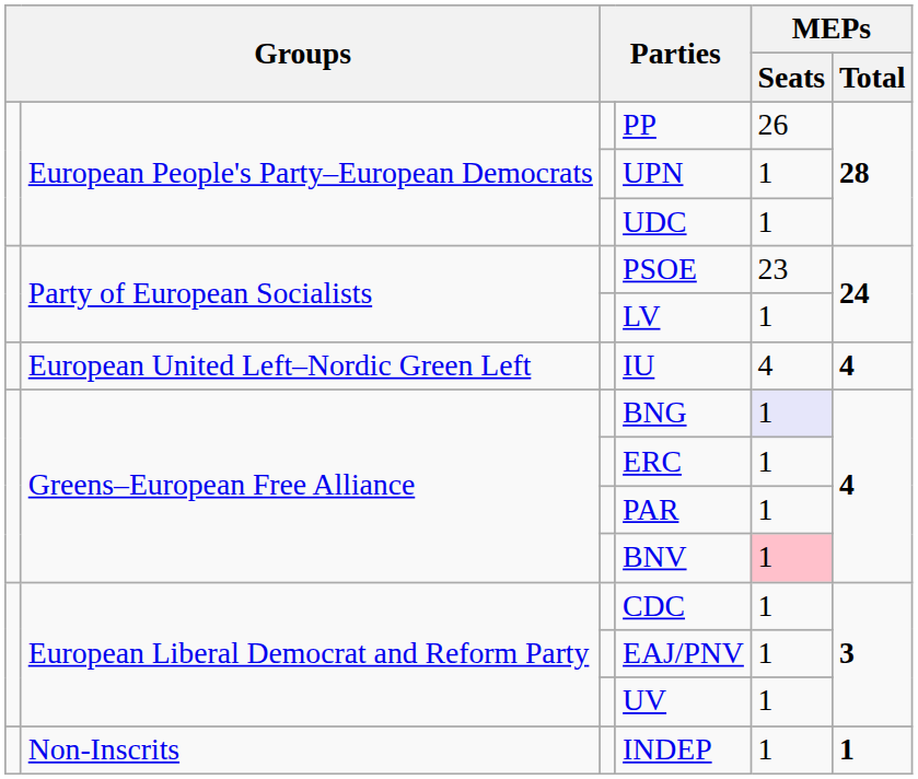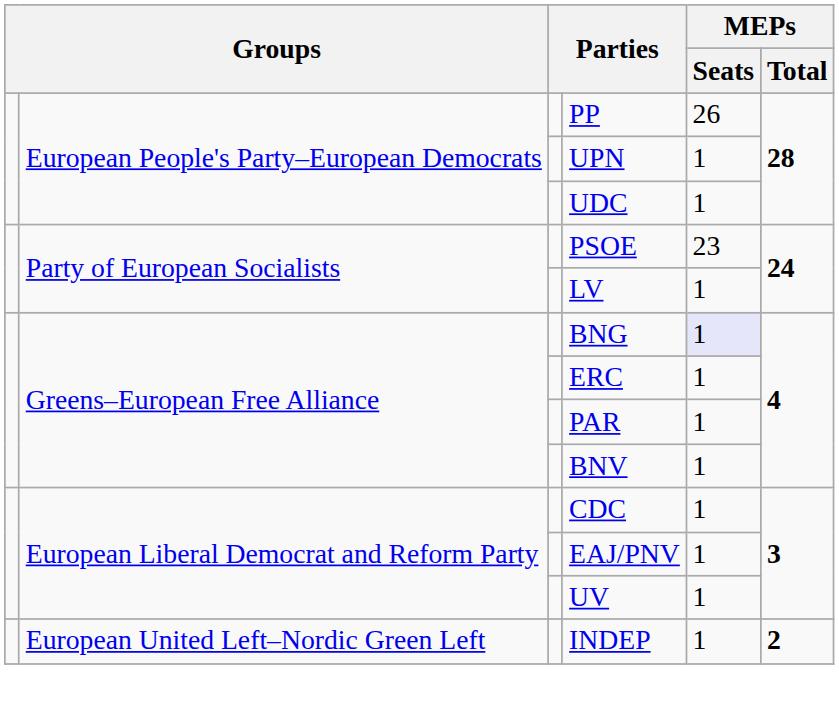 <table class="wikitable" style="text-align:left;">
 <tr>
 <th rowspan="2" colspan="2">Groups</th>
 <th rowspan="2" colspan="2">Parties</th>
 <th colspan="2">MEPs</th>
 </tr>
 <tr>
 <th>Seats</th>
 <th>Total</th>
 </tr>
 <tr>
 <td width="1" rowspan="3"></td>
 <td rowspan="3"><a href='#'>European People's Party–European Democrats</a></td>
 <td width="1" style="color:inherit;background:"></td>
 <td><a href='#'>PP</a></td>
 <td>26</td>
 <td rowspan="3"><strong>28</strong></td>
 </tr>
 <tr>
 <td style="color:inherit;background:"></td>
 <td><a href='#'>UPN</a></td>
 <td>1</td>
 </tr>
 <tr>
 <td style="color:inherit;background:"></td>
 <td><a href='#'>UDC</a></td>
 <td>1</td>
 </tr>
 <tr>
 <td rowspan="2" style="color:inherit;background:"></td>
 <td rowspan="2"><a href='#'>Party of European Socialists</a></td>
 <td style="color:inherit;background:"></td>
 <td><a href='#'>PSOE</a></td>
 <td>23</td>
 <td rowspan="2"><strong>24</strong></td>
 </tr>
 <tr>
 <td style="color:inherit;background:"></td>
 <td><a href='#'>LV</a></td>
 <td>1</td>
 </tr>
 <tr>
-<td style="color:inherit;background:"></td>
-<td><a href='#'>European United Left–Nordic Green Left</a></td>
-<td style="color:inherit;background:"></td>
-<td><a href='#'>IU</a></td>
-<td>4</td>
-<td><strong>4</strong></td>
-</tr>
-<tr>
 <td rowspan="4" style="color:inherit;background:"></td>
 <td rowspan="4"><a href='#'>Greens–European Free Alliance</a></td>
 <td style="color:inherit;background:"></td>
 <td><a href='#'>BNG</a></td>
 <td style="background: lavender;">1</td>
 <td rowspan="4"><strong>4</strong></td>
 </tr>
 <tr>
 <td style="color:inherit;background:"></td>
 <td><a href='#'>ERC</a></td>
 <td>1</td>
 </tr>
 <tr>
 <td style="color:inherit;background:"></td>
 <td><a href='#'>PAR</a></td>
 <td>1</td>
 </tr>
 <tr>
 <td style="color:inherit;background:"></td>
 <td><a href='#'>BNV</a></td>
-<td style="background: pink;">1</td>
+<td>1</td>
 </tr>
 <tr>
 <td rowspan="3" style="color:inherit;background:"></td>
 <td rowspan="3"><a href='#'>European Liberal Democrat and Reform Party</a></td>
 <td style="color:inherit;background:"></td>
 <td><a href='#'>CDC</a></td>
 <td>1</td>
 <td rowspan="3"><strong>3</strong></td>
 </tr>
 <tr>
 <td style="color:inherit;background:"></td>
 <td><a href='#'>EAJ/PNV</a></td>
 <td>1</td>
 </tr>
 <tr>
 <td style="color:inherit;background:"></td>
 <td><a href='#'>UV</a></td>
 <td>1</td>
 </tr>
 <tr>
 <td style="color:inherit;background:"></td>
-<td><a href='#'>Non-Inscrits</a></td>
+<td><a href='#'>European United Left–Nordic Green Left</a></td>
 <td style="color:inherit;background:"></td>
 <td><a href='#'>INDEP</a></td>
 <td>1</td>
-<td><strong>1</strong></td>
+<td><strong>2</strong></td>
 </tr>
 </table>
